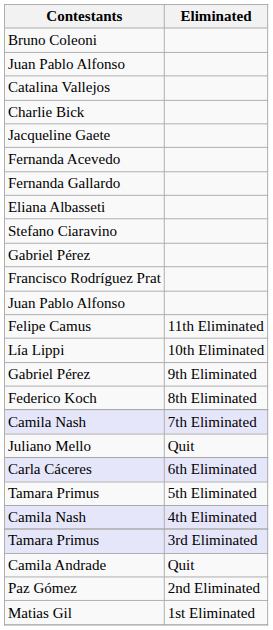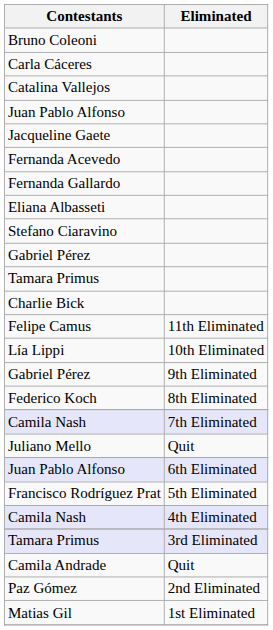 <table class="wikitable">
 <tr>
 <th>Contestants</th>
 <th>Eliminated</th>
 </tr>
 <tr>
 <td> Bruno Coleoni</td>
 <td></td>
 </tr>
 <tr>
-<td> Juan Pablo Alfonso</td>
+<td> Carla Cáceres</td>
 <td></td>
 </tr>
 <tr>
 <td> Catalina Vallejos</td>
 <td></td>
 </tr>
 <tr>
-<td> Charlie Bick</td>
+<td> Juan Pablo Alfonso</td>
 <td></td>
 </tr>
 <tr>
 <td> Jacqueline Gaete</td>
 <td></td>
 </tr>
 <tr>
 <td> Fernanda Acevedo</td>
 <td></td>
 </tr>
 <tr>
 <td> Fernanda Gallardo</td>
 <td></td>
 </tr>
 <tr>
 <td> Eliana Albasseti</td>
 <td></td>
 </tr>
 <tr>
 <td> Stefano Ciaravino</td>
 <td></td>
 </tr>
 <tr>
 <td> Gabriel Pérez</td>
 <td></td>
 </tr>
 <tr>
-<td> Francisco Rodríguez Prat</td>
+<td> Tamara Primus</td>
 <td></td>
 </tr>
 <tr>
-<td> Juan Pablo Alfonso</td>
+<td> Charlie Bick</td>
 <td></td>
 </tr>
 <tr>
 <td> Felipe Camus</td>
 <td>11th Eliminated</td>
 </tr>
 <tr>
 <td> Lía Lippi</td>
 <td>10th Eliminated</td>
 </tr>
 <tr>
 <td> Gabriel Pérez</td>
 <td>9th Eliminated</td>
 </tr>
 <tr>
 <td> Federico Koch</td>
 <td>8th Eliminated</td>
 </tr>
 <tr>
 </tr>
 <tr bgcolor=lavender>
 <td> Camila Nash</td>
 <td>7th Eliminated</td>
 </tr>
 <tr>
 <td> Juliano Mello</td>
 <td>Quit</td>
 </tr>
 <tr>
 </tr>
 <tr bgcolor=lavender>
-<td> Carla Cáceres</td>
+<td> Juan Pablo Alfonso</td>
 <td>6th Eliminated</td>
 </tr>
 <tr>
-<td> Tamara Primus</td>
+<td> Francisco Rodríguez Prat</td>
 <td>5th Eliminated</td>
 </tr>
 <tr>
 </tr>
 <tr bgcolor=lavender>
 <td> Camila Nash</td>
 <td>4th Eliminated</td>
 </tr>
 <tr>
 </tr>
 <tr bgcolor=lavender>
 <td> Tamara Primus</td>
 <td>3rd Eliminated</td>
 </tr>
 <tr>
 <td> Camila Andrade</td>
 <td>Quit</td>
 </tr>
 <tr>
 <td> Paz Gómez</td>
 <td>2nd Eliminated</td>
 </tr>
 <tr>
 <td> Matias Gil</td>
 <td>1st Eliminated</td>
 </tr>
 <tr>
 </tr>
 </table>
